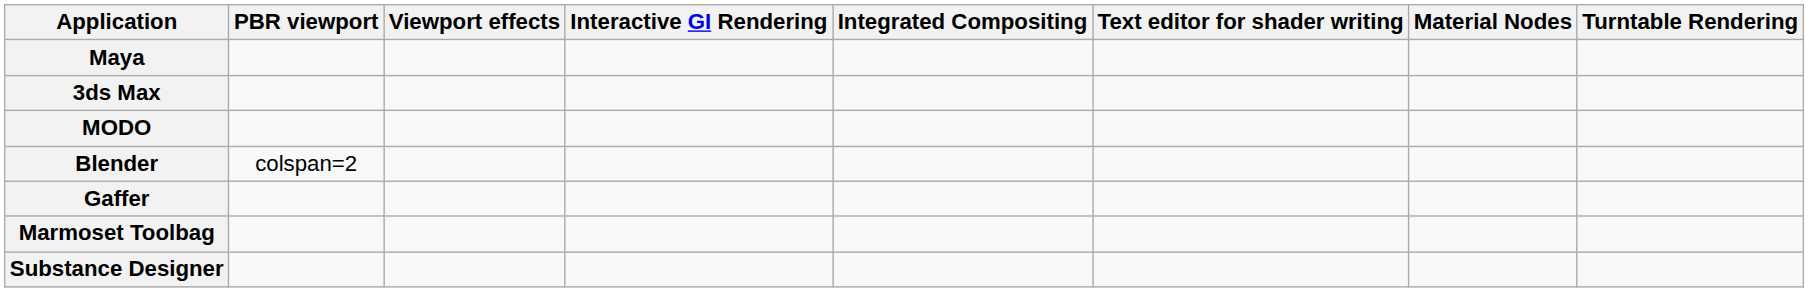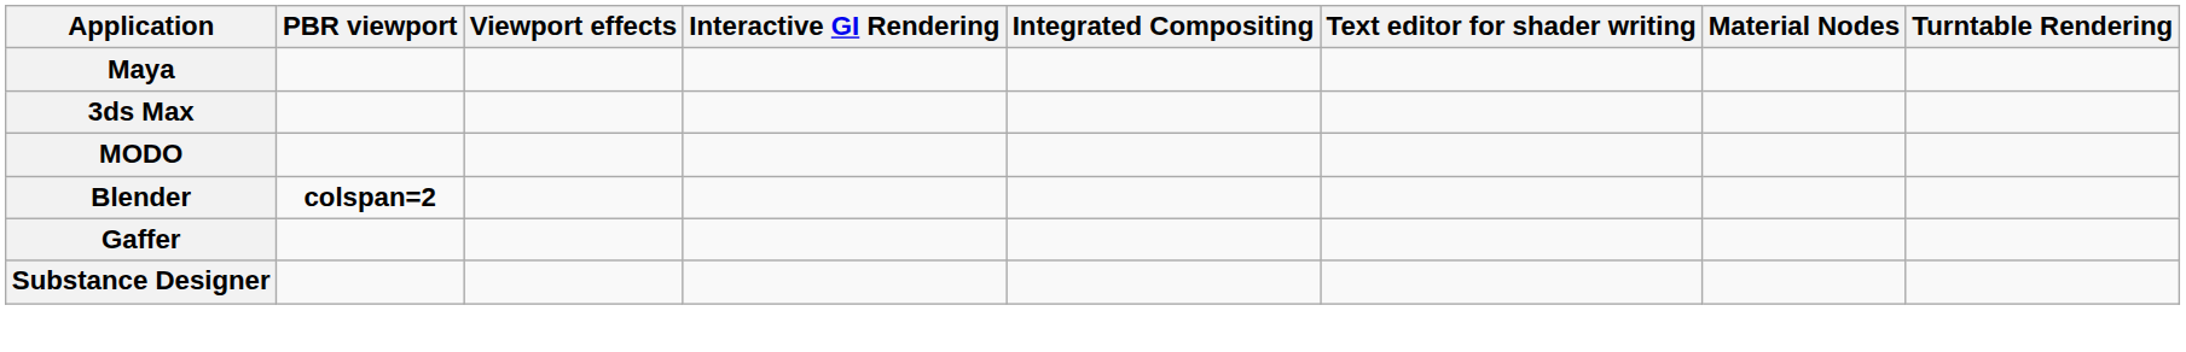 <table class="sortable wikitable" style="text-align: center; ">
 <tr>
 <th>Application</th>
 <th>PBR viewport</th>
 <th>Viewport effects</th>
 <th>Interactive <a href='#'>GI</a> Rendering</th>
 <th>Integrated Compositing</th>
 <th>Text editor for shader writing</th>
 <th>Material Nodes</th>
 <th>Turntable Rendering</th>
 </tr>
 <tr>
 <th>Maya</th>
 <td></td>
 <td></td>
 <td></td>
 <td></td>
 <td></td>
 <td></td>
 <td></td>
 </tr>
 <tr>
 <th>3ds Max</th>
 <td></td>
 <td></td>
 <td></td>
 <td></td>
 <td></td>
 <td></td>
 <td></td>
 </tr>
 <tr>
 <th>MODO</th>
 <td></td>
 <td></td>
 <td></td>
 <td></td>
 <td></td>
 <td></td>
 <td></td>
 </tr>
 <tr>
 <th>Blender</th>
-<td>colspan=2 </td>
+<td><strong>colspan=2 </strong></td>
 <td></td>
 <td></td>
 <td></td>
 <td></td>
 <td></td>
 </tr>
 <tr>
 <th>Gaffer</th>
-<td></td>
-<td></td>
-<td></td>
-<td></td>
-<td></td>
-<td></td>
-<td></td>
-</tr>
-<tr>
-<th>Marmoset Toolbag</th>
 <td></td>
 <td></td>
 <td></td>
 <td></td>
 <td></td>
 <td></td>
 <td></td>
 </tr>
 <tr>
 <th>Substance Designer</th>
 <td></td>
 <td></td>
 <td></td>
 <td></td>
 <td></td>
 <td></td>
 <td></td>
 </tr>
 </table>
